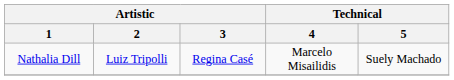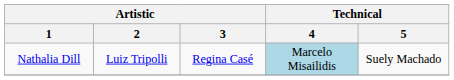 <table class="wikitable" style="font-size:90%; line-height:16px; text-align:center" width="85%">
 <tr>
 <th colspan=3>Artistic</th>
 <th colspan=2>Technical</th>
 </tr>
 <tr>
 <th>1</th>
 <th>2</th>
 <th>3</th>
 <th>4</th>
 <th>5</th>
 </tr>
 <tr>
 <td width=150><a href='#'>Nathalia Dill</a></td>
 <td width=150><a href='#'>Luiz Tripolli</a></td>
 <td width=150><a href='#'>Regina Casé</a></td>
-<td width=150>Marcelo Misailidis</td>
+<td width=150 style="background: lightblue;">Marcelo Misailidis</td>
 <td width=150>Suely Machado</td>
 </tr>
 <tr>
 </tr>
 </table>
